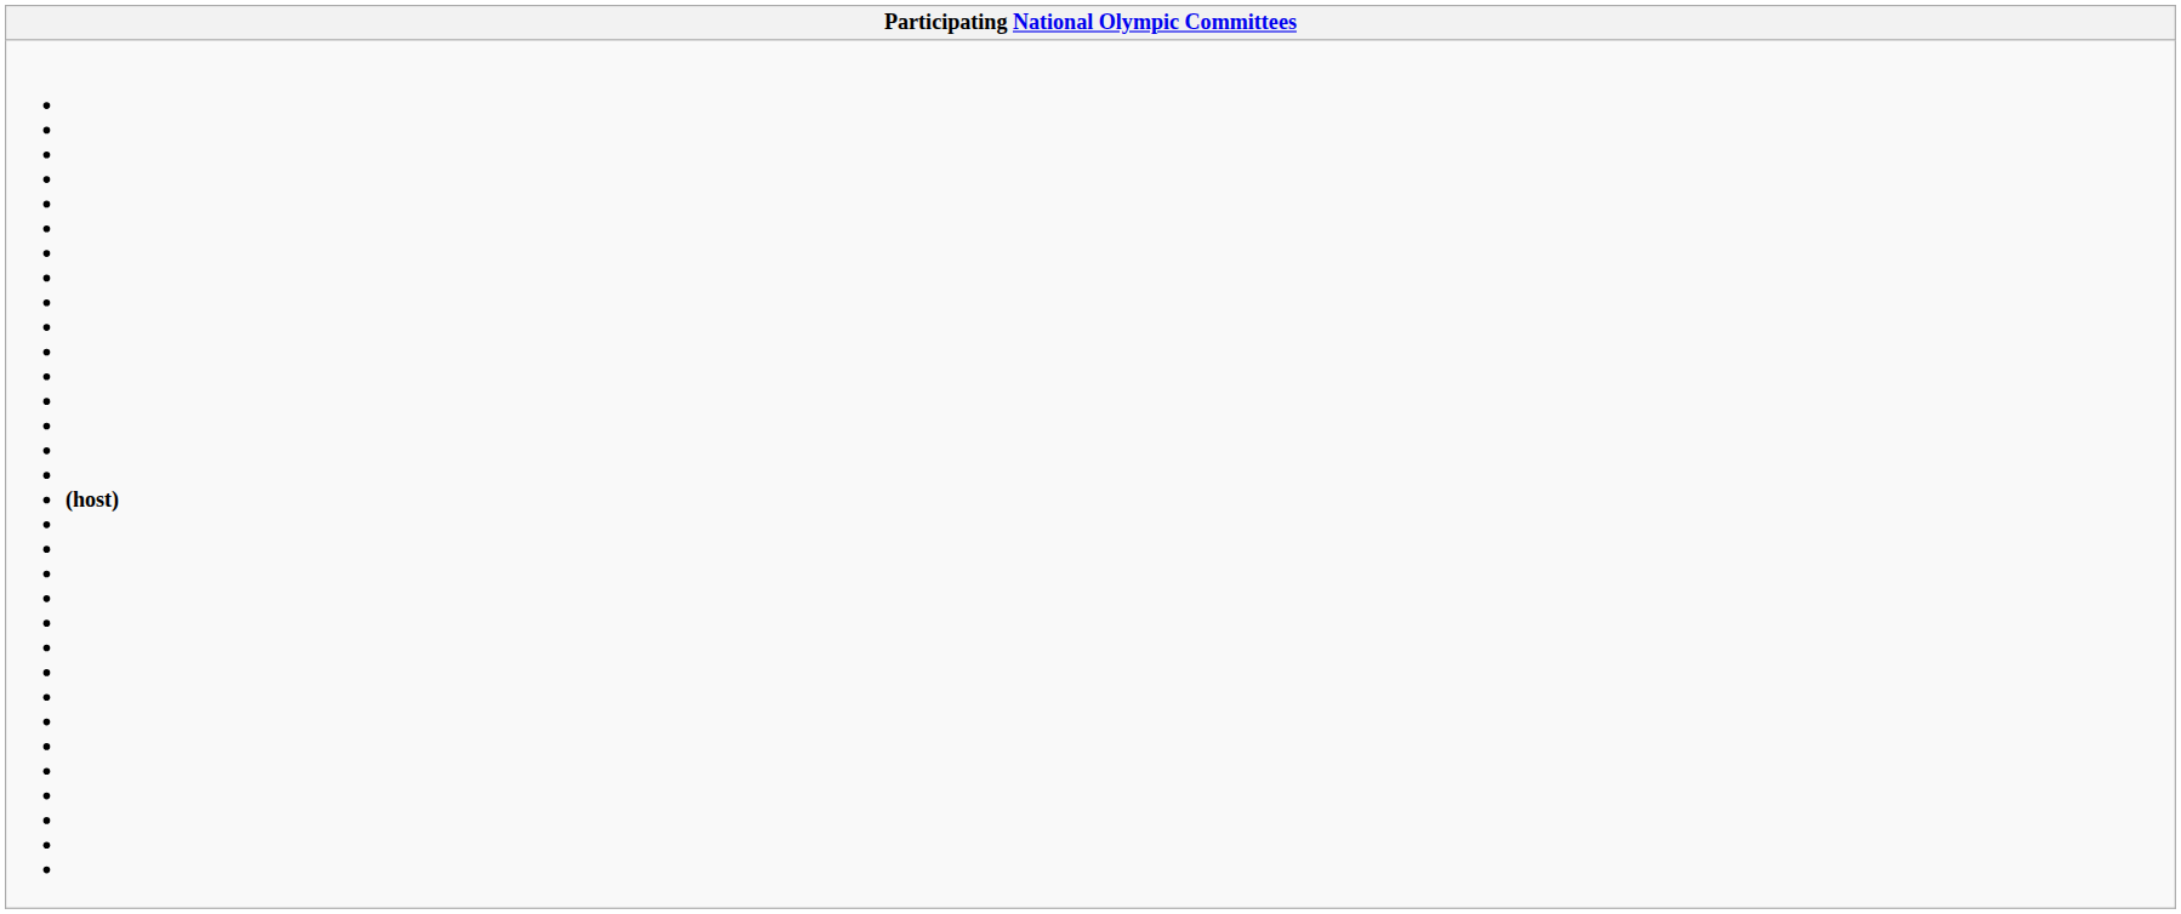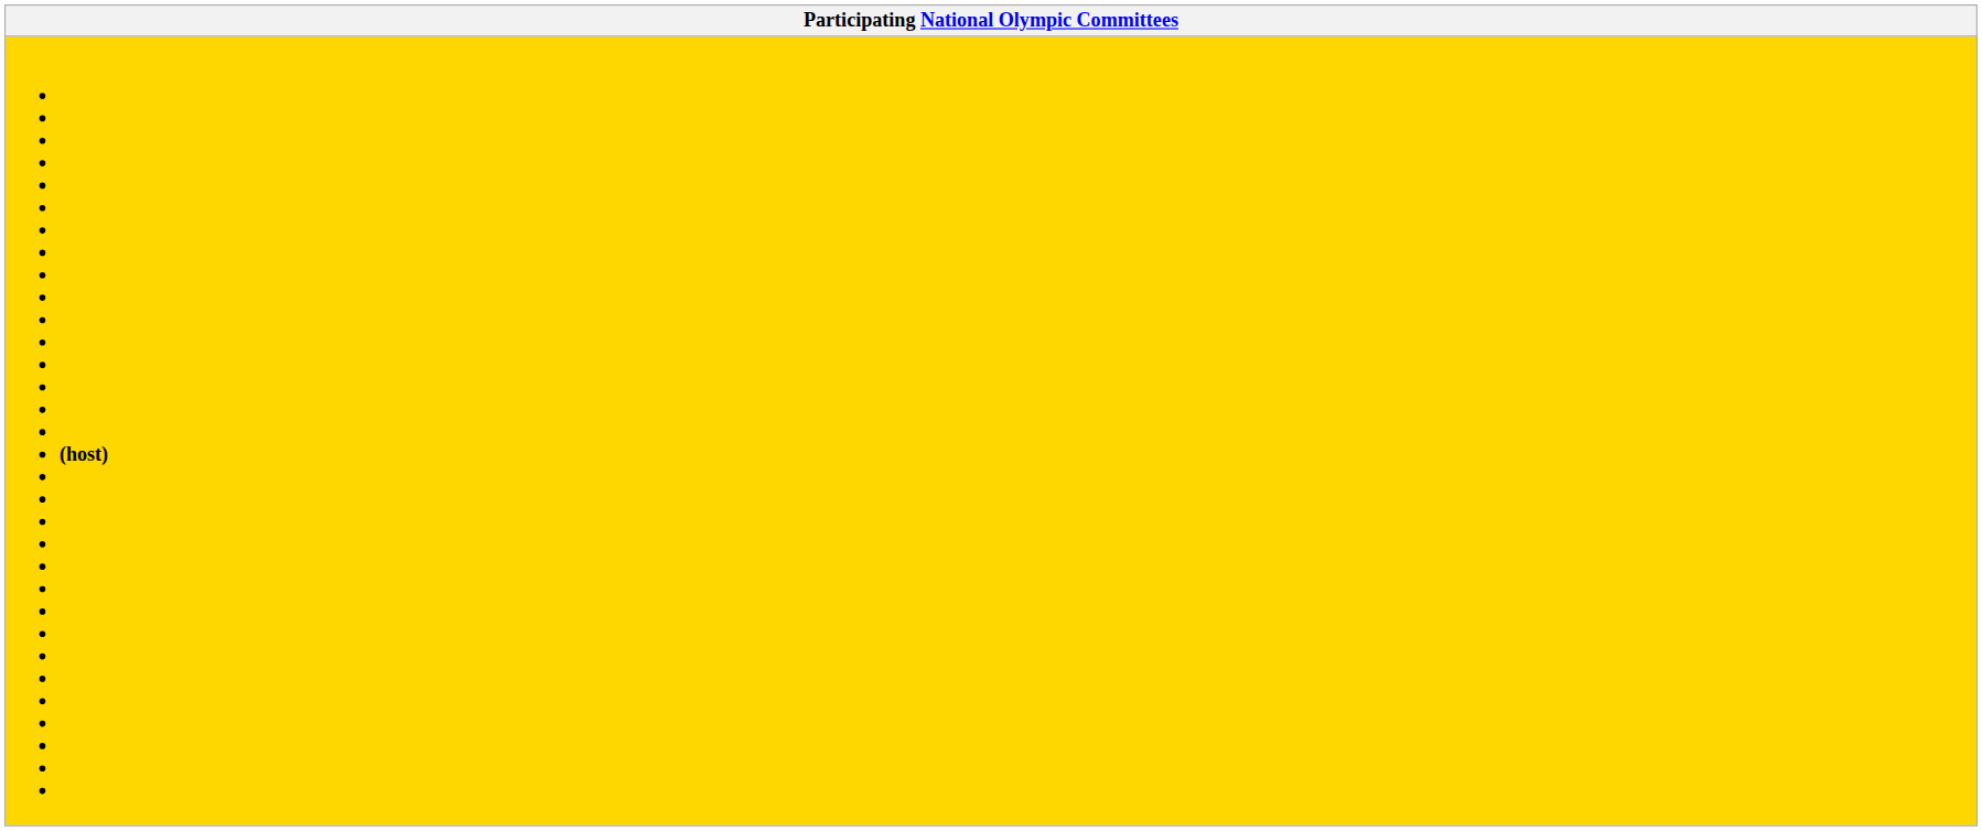 <table class="wikitable collapsible" style="width:100%;">
 <tr>
 <th>Participating <a href='#'>National Olympic Committees</a></th>
 </tr>
 <tr>
-<td><br><ul><li></li><li></li><li></li><li></li><li></li><li></li><li></li><li></li><li></li><li></li><li></li><li></li><li></li><li></li><li></li><li></li><li> <strong>(host)</strong></li><li></li><li></li><li></li><li></li><li></li><li></li><li></li><li></li><li></li><li></li><li></li><li></li><li></li><li></li><li></li></ul></td>
+<td style="background: gold;"><br><ul><li></li><li></li><li></li><li></li><li></li><li></li><li></li><li></li><li></li><li></li><li></li><li></li><li></li><li></li><li></li><li></li><li> <strong>(host)</strong></li><li></li><li></li><li></li><li></li><li></li><li></li><li></li><li></li><li></li><li></li><li></li><li></li><li></li><li></li><li></li></ul></td>
 </tr>
 </table>
